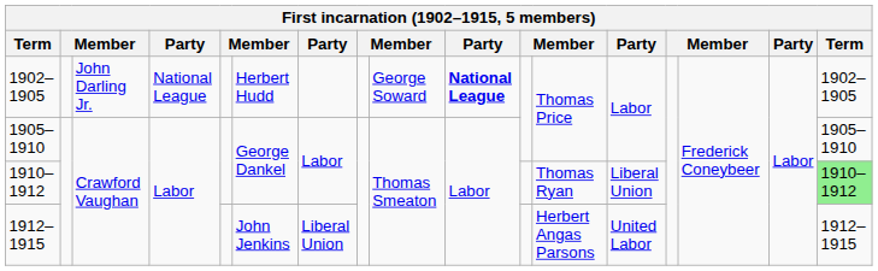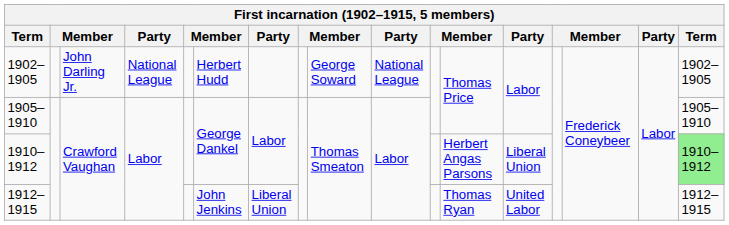 <table class="wikitable">
 <tr>
 <th colspan="20">First incarnation (1902–1915, 5 members)</th>
 </tr>
 <tr>
 <th>Term</th>
 <th colspan="2">Member</th>
 <th>Party</th>
 <th colspan="2">Member</th>
 <th>Party</th>
 <th colspan="2">Member</th>
 <th>Party</th>
 <th colspan="2">Member</th>
 <th>Party</th>
 <th colspan="2">Member</th>
 <th>Party</th>
 <th>Term</th>
 </tr>
 <tr>
 <td>1902–1905<br></td>
 <td> </td>
 <td><a href='#'>John Darling Jr.</a></td>
 <td><a href='#'>National League</a><br></td>
 <td> </td>
 <td><a href='#'>Herbert Hudd</a></td>
 <td><br></td>
 <td> </td>
 <td><a href='#'>George Soward</a></td>
-<td><strong><a href='#'>National League</a><br></strong></td>
+<td><a href='#'>National League</a><br></td>
 <td rowspan = 2 > </td>
 <td rowspan = 2><a href='#'>Thomas Price</a></td>
 <td rowspan = 2><a href='#'>Labor</a><br></td>
 <td rowspan = 4 > </td>
 <td rowspan = 4><a href='#'>Frederick Coneybeer</a></td>
 <td rowspan = 4><a href='#'>Labor</a></td>
 <td>1902–1905</td>
 </tr>
 <tr>
 <td>1905–1910<br></td>
 <td rowspan = 3 > </td>
 <td rowspan = 3><a href='#'>Crawford Vaughan</a></td>
 <td rowspan = 3><a href='#'>Labor</a><br></td>
 <td rowspan = 2 > </td>
 <td rowspan = 2><a href='#'>George Dankel</a></td>
 <td rowspan = 2><a href='#'>Labor</a><br></td>
 <td rowspan = 3 > </td>
 <td rowspan = 3><a href='#'>Thomas Smeaton</a></td>
 <td rowspan = 3><a href='#'>Labor</a><br> </td>
 <td>1905–1910</td>
 </tr>
 <tr>
 <td>1910–1912<br>   </td>
 <td> </td>
-<td><a href='#'>Thomas Ryan</a></td>
+<td><a href='#'>Herbert Angas Parsons</a></td>
 <td><a href='#'>Liberal Union</a><br></td>
 <td style="background: lightgreen;">1910–1912</td>
 </tr>
 <tr>
 <td>1912–1915<br> </td>
 <td> </td>
 <td><a href='#'>John Jenkins</a></td>
 <td><a href='#'>Liberal Union</a><br> </td>
 <td> </td>
-<td><a href='#'>Herbert Angas Parsons</a></td>
+<td><a href='#'>Thomas Ryan</a></td>
 <td><a href='#'>United Labor</a><br></td>
 <td>1912–1915</td>
 </tr>
 </table>
